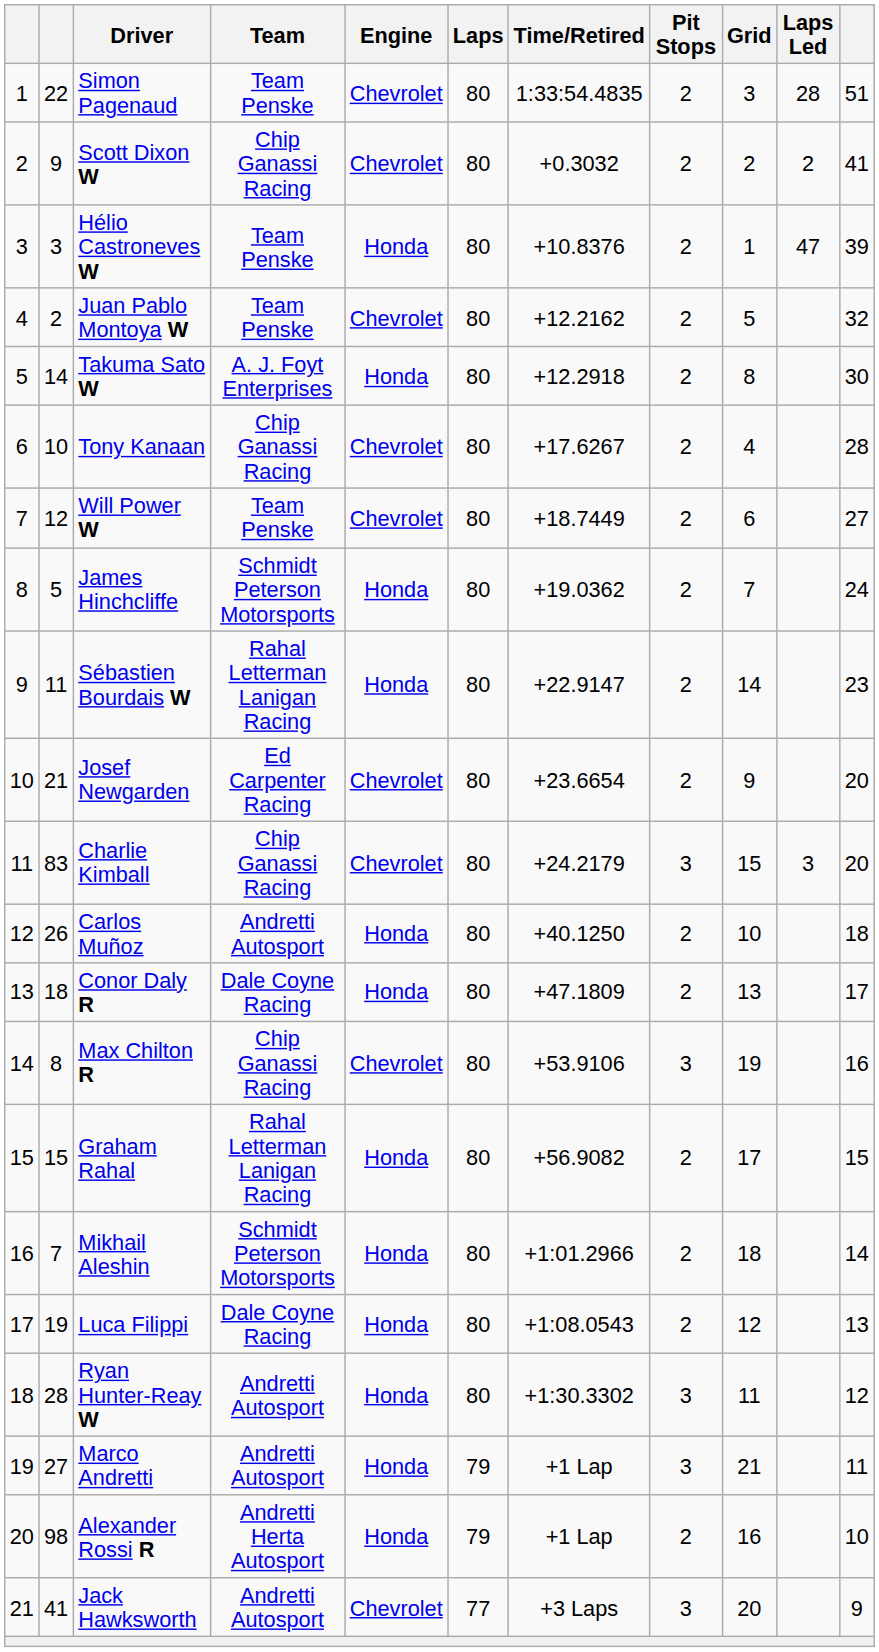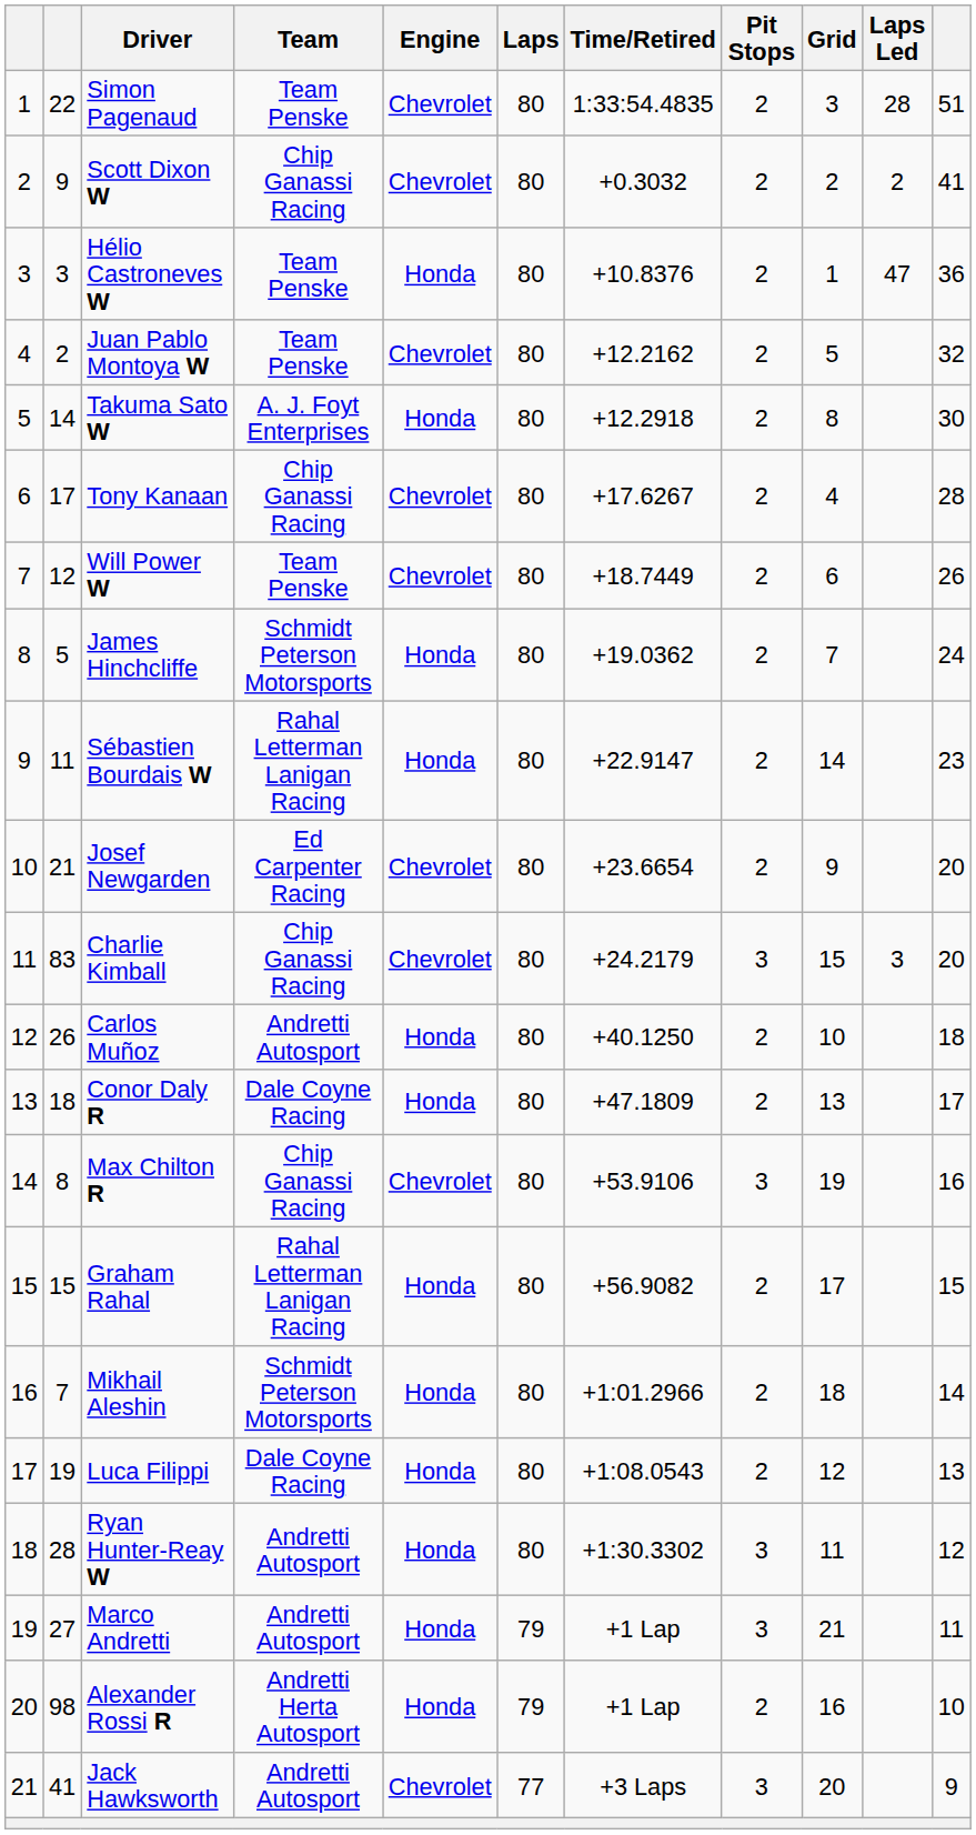 <table class="wikitable" style="text-align:center; font-size: 95%;">
 <tr>
 <th></th>
 <th></th>
 <th>Driver</th>
 <th>Team</th>
 <th>Engine</th>
 <th>Laps</th>
 <th>Time/Retired</th>
 <th>Pit Stops</th>
 <th>Grid</th>
 <th>Laps Led</th>
 <th></th>
 </tr>
 <tr>
 <td>1</td>
 <td>22</td>
 <td align="left"> <a href='#'>Simon Pagenaud</a></td>
 <td><a href='#'>Team Penske</a></td>
 <td><a href='#'>Chevrolet</a></td>
 <td>80</td>
 <td>1:33:54.4835</td>
 <td>2</td>
 <td>3</td>
 <td>28</td>
 <td>51</td>
 </tr>
 <tr>
 <td>2</td>
 <td>9</td>
 <td align="left"> <a href='#'>Scott Dixon</a> <strong><span>W</span></strong></td>
 <td><a href='#'>Chip Ganassi Racing</a></td>
 <td><a href='#'>Chevrolet</a></td>
 <td>80</td>
 <td>+0.3032</td>
 <td>2</td>
 <td>2</td>
 <td>2</td>
 <td>41</td>
 </tr>
 <tr>
 <td>3</td>
 <td>3</td>
 <td align="left"> <a href='#'>Hélio Castroneves</a> <strong><span>W</span></strong></td>
 <td><a href='#'>Team Penske</a></td>
 <td><a href='#'>Honda</a></td>
 <td>80</td>
 <td>+10.8376</td>
 <td>2</td>
 <td>1</td>
 <td>47</td>
-<td>39</td>
+<td>36</td>
 </tr>
 <tr>
 <td>4</td>
 <td>2</td>
 <td align="left"> <a href='#'>Juan Pablo Montoya</a> <strong><span>W</span></strong></td>
 <td><a href='#'>Team Penske</a></td>
 <td><a href='#'>Chevrolet</a></td>
 <td>80</td>
 <td>+12.2162</td>
 <td>2</td>
 <td>5</td>
 <td></td>
 <td>32</td>
 </tr>
 <tr>
 <td>5</td>
 <td>14</td>
 <td align="left"> <a href='#'>Takuma Sato</a> <strong><span>W</span></strong></td>
 <td><a href='#'>A. J. Foyt Enterprises</a></td>
 <td><a href='#'>Honda</a></td>
 <td>80</td>
 <td>+12.2918</td>
 <td>2</td>
 <td>8</td>
 <td></td>
 <td>30</td>
 </tr>
 <tr>
 <td>6</td>
-<td>10</td>
+<td>17</td>
 <td align="left"> <a href='#'>Tony Kanaan</a></td>
 <td><a href='#'>Chip Ganassi Racing</a></td>
 <td><a href='#'>Chevrolet</a></td>
 <td>80</td>
 <td>+17.6267</td>
 <td>2</td>
 <td>4</td>
 <td></td>
 <td>28</td>
 </tr>
 <tr>
 <td>7</td>
 <td>12</td>
 <td align="left"> <a href='#'>Will Power</a> <strong><span>W</span></strong></td>
 <td><a href='#'>Team Penske</a></td>
 <td><a href='#'>Chevrolet</a></td>
 <td>80</td>
 <td>+18.7449</td>
 <td>2</td>
 <td>6</td>
 <td></td>
-<td>27</td>
+<td>26</td>
 </tr>
 <tr>
 <td>8</td>
 <td>5</td>
 <td align="left"> <a href='#'>James Hinchcliffe</a></td>
 <td><a href='#'>Schmidt Peterson Motorsports</a></td>
 <td><a href='#'>Honda</a></td>
 <td>80</td>
 <td>+19.0362</td>
 <td>2</td>
 <td>7</td>
 <td></td>
 <td>24</td>
 </tr>
 <tr>
 <td>9</td>
 <td>11</td>
 <td align="left"> <a href='#'>Sébastien Bourdais</a> <strong><span>W</span></strong></td>
 <td><a href='#'>Rahal Letterman Lanigan Racing</a></td>
 <td><a href='#'>Honda</a></td>
 <td>80</td>
 <td>+22.9147</td>
 <td>2</td>
 <td>14</td>
 <td></td>
 <td>23</td>
 </tr>
 <tr>
 <td>10</td>
 <td>21</td>
 <td align="left"> <a href='#'>Josef Newgarden</a></td>
 <td><a href='#'>Ed Carpenter Racing</a></td>
 <td><a href='#'>Chevrolet</a></td>
 <td>80</td>
 <td>+23.6654</td>
 <td>2</td>
 <td>9</td>
 <td></td>
 <td>20</td>
 </tr>
 <tr>
 <td>11</td>
 <td>83</td>
 <td align="left"> <a href='#'>Charlie Kimball</a></td>
 <td><a href='#'>Chip Ganassi Racing</a></td>
 <td><a href='#'>Chevrolet</a></td>
 <td>80</td>
 <td>+24.2179</td>
 <td>3</td>
 <td>15</td>
 <td>3</td>
 <td>20</td>
 </tr>
 <tr>
 <td>12</td>
 <td>26</td>
 <td align="left"> <a href='#'>Carlos Muñoz</a></td>
 <td><a href='#'>Andretti Autosport</a></td>
 <td><a href='#'>Honda</a></td>
 <td>80</td>
 <td>+40.1250</td>
 <td>2</td>
 <td>10</td>
 <td></td>
 <td>18</td>
 </tr>
 <tr>
 <td>13</td>
 <td>18</td>
 <td align="left"> <a href='#'>Conor Daly</a> <strong><span>R</span></strong></td>
 <td><a href='#'>Dale Coyne Racing</a></td>
 <td><a href='#'>Honda</a></td>
 <td>80</td>
 <td>+47.1809</td>
 <td>2</td>
 <td>13</td>
 <td></td>
 <td>17</td>
 </tr>
 <tr>
 <td>14</td>
 <td>8</td>
 <td align="left"> <a href='#'>Max Chilton</a> <strong><span>R</span></strong></td>
 <td><a href='#'>Chip Ganassi Racing</a></td>
 <td><a href='#'>Chevrolet</a></td>
 <td>80</td>
 <td>+53.9106</td>
 <td>3</td>
 <td>19</td>
 <td></td>
 <td>16</td>
 </tr>
 <tr>
 <td>15</td>
 <td>15</td>
 <td align="left"> <a href='#'>Graham Rahal</a></td>
 <td><a href='#'>Rahal Letterman Lanigan Racing</a></td>
 <td><a href='#'>Honda</a></td>
 <td>80</td>
 <td>+56.9082</td>
 <td>2</td>
 <td>17</td>
 <td></td>
 <td>15</td>
 </tr>
 <tr>
 <td>16</td>
 <td>7</td>
 <td align="left"> <a href='#'>Mikhail Aleshin</a></td>
 <td><a href='#'>Schmidt Peterson Motorsports</a></td>
 <td><a href='#'>Honda</a></td>
 <td>80</td>
 <td>+1:01.2966</td>
 <td>2</td>
 <td>18</td>
 <td></td>
 <td>14</td>
 </tr>
 <tr>
 <td>17</td>
 <td>19</td>
 <td align="left"> <a href='#'>Luca Filippi</a></td>
 <td><a href='#'>Dale Coyne Racing</a></td>
 <td><a href='#'>Honda</a></td>
 <td>80</td>
 <td>+1:08.0543</td>
 <td>2</td>
 <td>12</td>
 <td></td>
 <td>13</td>
 </tr>
 <tr>
 <td>18</td>
 <td>28</td>
 <td align="left"> <a href='#'>Ryan Hunter-Reay</a> <strong><span>W</span></strong></td>
 <td><a href='#'>Andretti Autosport</a></td>
 <td><a href='#'>Honda</a></td>
 <td>80</td>
 <td>+1:30.3302</td>
 <td>3</td>
 <td>11</td>
 <td></td>
 <td>12</td>
 </tr>
 <tr>
 <td>19</td>
 <td>27</td>
 <td align="left"> <a href='#'>Marco Andretti</a></td>
 <td><a href='#'>Andretti Autosport</a></td>
 <td><a href='#'>Honda</a></td>
 <td>79</td>
 <td>+1 Lap</td>
 <td>3</td>
 <td>21</td>
 <td></td>
 <td>11</td>
 </tr>
 <tr>
 <td>20</td>
 <td>98</td>
 <td align="left"> <a href='#'>Alexander Rossi</a> <strong><span>R</span></strong></td>
 <td><a href='#'>Andretti Herta Autosport</a></td>
 <td><a href='#'>Honda</a></td>
 <td>79</td>
 <td>+1 Lap</td>
 <td>2</td>
 <td>16</td>
 <td></td>
 <td>10</td>
 </tr>
 <tr>
 <td>21</td>
 <td>41</td>
 <td align="left"> <a href='#'>Jack Hawksworth</a></td>
 <td><a href='#'>Andretti Autosport</a></td>
 <td><a href='#'>Chevrolet</a></td>
 <td>77</td>
 <td>+3 Laps</td>
 <td>3</td>
 <td>20</td>
 <td></td>
 <td>9</td>
 </tr>
 <tr>
 <th colspan=11></th>
 </tr>
 </table>
